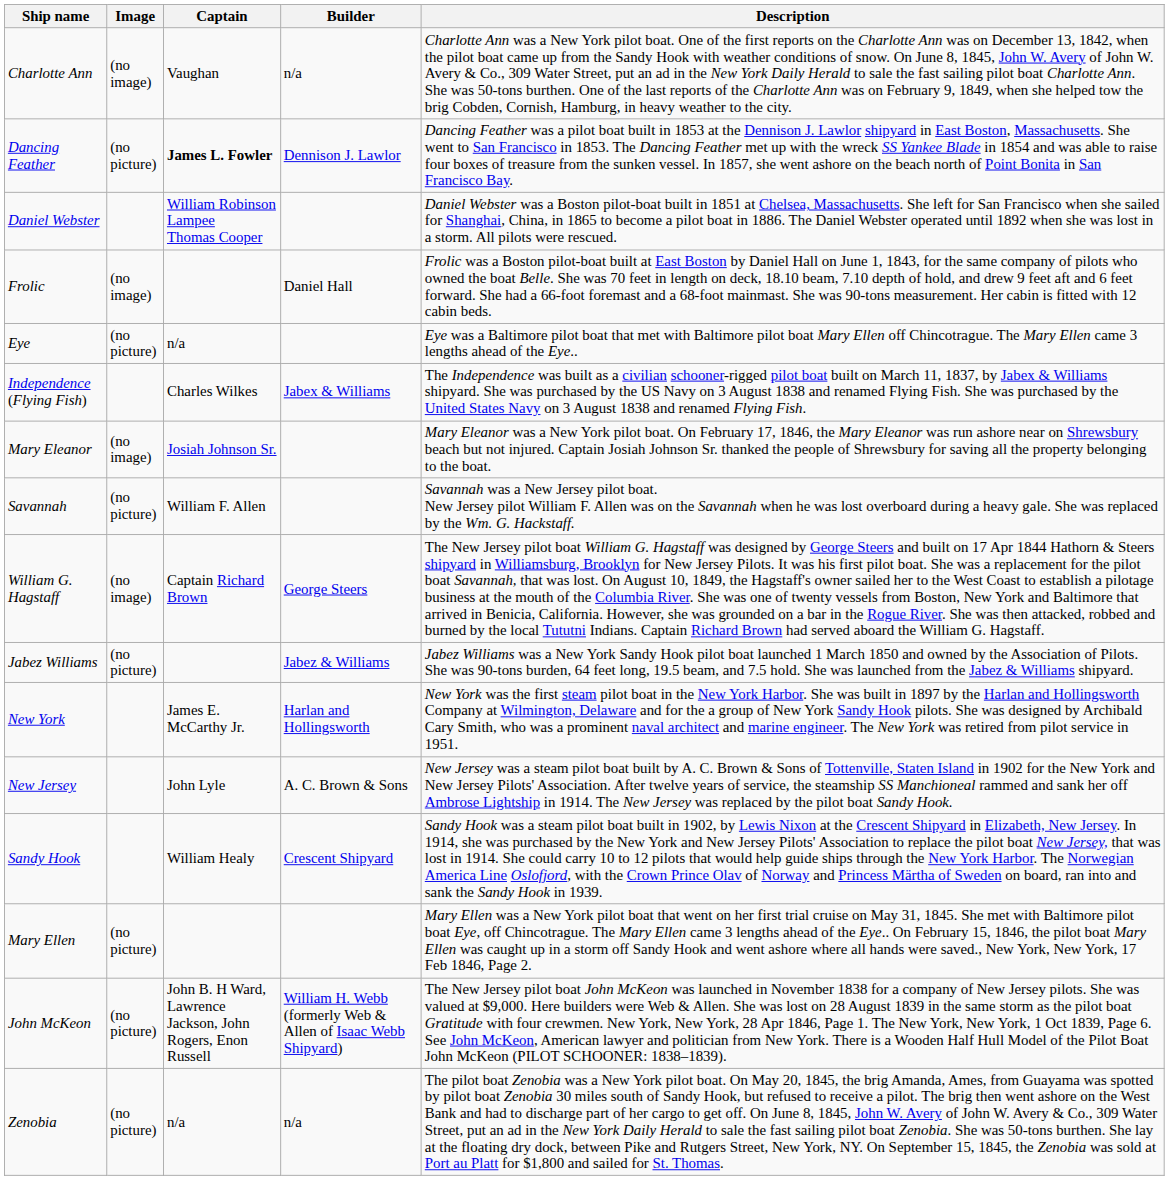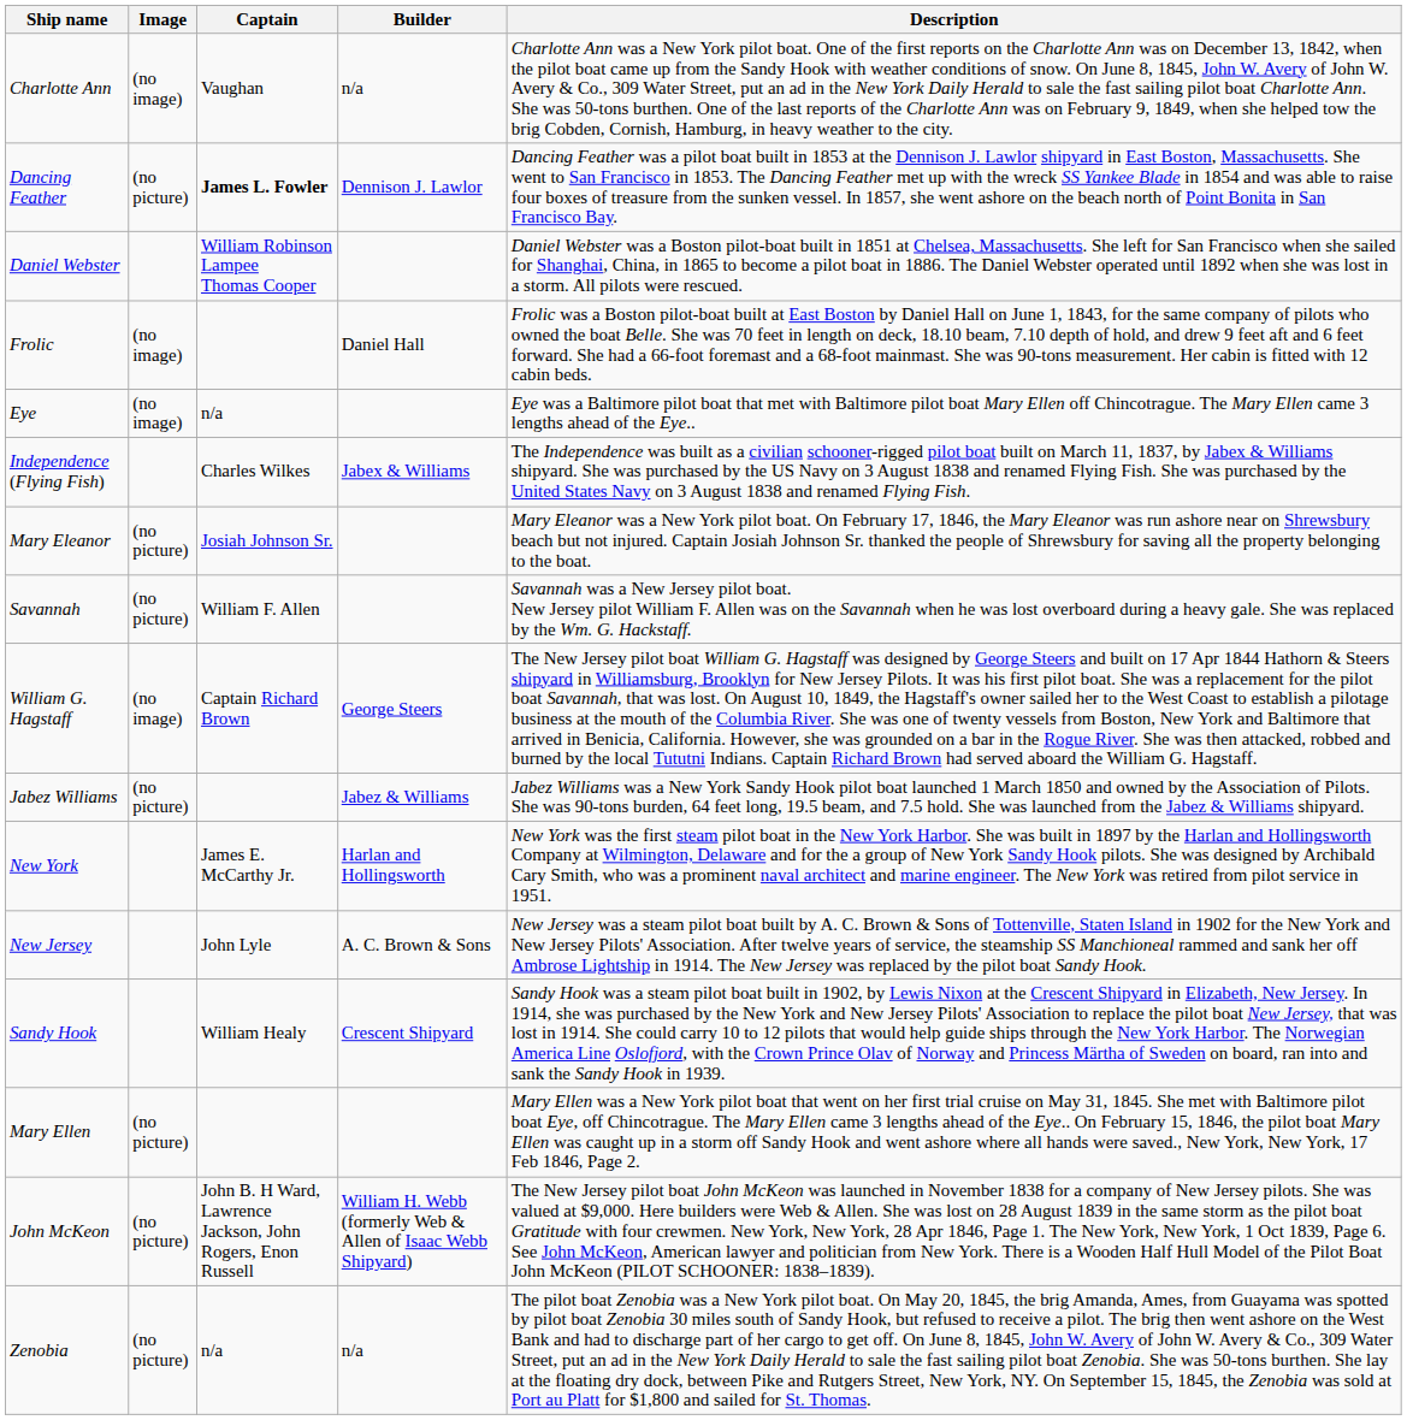 <table class="wikitable sortable">
 <tr>
 <th>Ship name</th>
 <th>Image</th>
 <th>Captain</th>
 <th>Builder</th>
 <th>Description</th>
 </tr>
 <tr>
 <td><em>Charlotte Ann</em></td>
 <td>(no image)</td>
 <td>Vaughan</td>
 <td>n/a</td>
 <td><em>Charlotte Ann</em> was a New York pilot boat. One of the first reports on the <em>Charlotte Ann</em> was on December 13, 1842, when the pilot boat came up from the Sandy Hook with weather conditions of snow. On June 8, 1845, <a href='#'>John W. Avery</a> of John W. Avery & Co., 309 Water Street, put an ad in the <em>New York Daily Herald</em> to sale the fast sailing pilot boat <em>Charlotte Ann</em>. She was 50-tons burthen. One of the last reports of the <em>Charlotte Ann</em> was on February 9, 1849, when she helped tow the brig Cobden, Cornish, Hamburg, in heavy weather to the city.</td>
 </tr>
 <tr>
 <td><em><a href='#'>Dancing Feather</a></em></td>
 <td>(no picture)</td>
 <td><strong>James L. Fowler</strong></td>
 <td><a href='#'>Dennison J. Lawlor</a></td>
 <td><em>Dancing Feather</em> was a pilot boat built in 1853 at the <a href='#'>Dennison J. Lawlor</a> <a href='#'>shipyard</a> in <a href='#'>East Boston</a>, <a href='#'>Massachusetts</a>. She went to <a href='#'>San Francisco</a> in 1853. The <em>Dancing Feather</em> met up with the wreck <em><a href='#'>SS Yankee Blade</a></em> in 1854 and was able to raise four boxes of treasure from the sunken vessel. In 1857, she went ashore on the beach north of <a href='#'>Point Bonita</a> in <a href='#'>San Francisco Bay</a>.</td>
 </tr>
 <tr>
 <td><a href='#'><em>Daniel Webster</em></a></td>
 <td></td>
 <td><a href='#'>William Robinson Lampee</a><br><a href='#'>Thomas Cooper</a></td>
 <td></td>
 <td><em>Daniel Webster</em> was a Boston pilot-boat built in 1851 at <a href='#'>Chelsea, Massachusetts</a>. She left for San Francisco when she sailed for <a href='#'>Shanghai</a>, China, in 1865 to become a pilot boat in 1886. The Daniel Webster operated until 1892 when she was lost in a storm. All pilots were rescued.</td>
 </tr>
 <tr>
 <td><em>Frolic</em></td>
 <td>(no image)</td>
 <td></td>
 <td>Daniel Hall</td>
 <td><em>Frolic</em> was a Boston pilot-boat built at <a href='#'>East Boston</a> by Daniel Hall on June 1, 1843, for the same company of pilots who owned the boat <em>Belle</em>. She was 70 feet in length on deck, 18.10 beam, 7.10 depth of hold, and drew 9 feet aft and 6 feet forward. She had a 66-foot foremast and a 68-foot mainmast. She was 90-tons measurement. Her cabin is fitted with 12 cabin beds.</td>
 </tr>
 <tr>
 <td><em>Eye</em></td>
-<td>(no picture)</td>
+<td>(no image)</td>
 <td>n/a</td>
 <td></td>
 <td><em>Eye</em> was a Baltimore pilot boat that met with Baltimore pilot boat <em>Mary Ellen</em> off Chincotrague. The <em>Mary Ellen</em> came 3 lengths ahead of the <em>Eye</em>..</td>
 </tr>
 <tr>
 <td><a href='#'><em>Independence</em></a> (<em>Flying Fish</em>)</td>
 <td></td>
 <td>Charles Wilkes</td>
 <td><a href='#'>Jabex & Williams</a></td>
 <td>The <em>Independence</em> was built as a <a href='#'>civilian</a> <a href='#'>schooner</a>-rigged <a href='#'>pilot boat</a> built on March 11, 1837, by <a href='#'>Jabex & Williams</a> shipyard. She was purchased by the US Navy on 3 August 1838 and renamed Flying Fish. She was purchased by the <a href='#'>United States Navy</a> on 3 August 1838 and renamed <em>Flying Fish</em>.</td>
 </tr>
 <tr>
 <td><em>Mary Eleanor</em></td>
-<td>(no image)</td>
+<td>(no picture)</td>
 <td><a href='#'>Josiah Johnson Sr.</a></td>
 <td></td>
 <td><em>Mary Eleanor</em> was a New York pilot boat. On February 17, 1846, the <em>Mary Eleanor</em> was run ashore near on <a href='#'>Shrewsbury</a> beach but not injured. Captain Josiah Johnson Sr. thanked the people of Shrewsbury for saving all the property belonging to the boat.</td>
 </tr>
 <tr>
 <td><em>Savannah</em></td>
 <td>(no picture)</td>
 <td>William F. Allen</td>
 <td></td>
 <td><em>Savannah</em> was a New Jersey pilot boat.<br>New Jersey pilot William F. Allen was on the <em>Savannah</em> when he was lost overboard during a heavy gale.  She was replaced by the <em>Wm. G. Hackstaff.</em></td>
 </tr>
 <tr>
 <td><em>William G. Hagstaff</em></td>
 <td>(no image)</td>
 <td>Captain <a href='#'>Richard Brown</a></td>
 <td><a href='#'>George Steers</a></td>
 <td>The New Jersey pilot boat <em>William G. Hagstaff</em> was designed by <a href='#'>George Steers</a> and built on 17 Apr 1844 Hathorn & Steers <a href='#'>shipyard</a> in <a href='#'>Williamsburg, Brooklyn</a> for New Jersey Pilots. It was his first pilot boat. She was a replacement for the pilot boat <em>Savannah,</em> that was lost. On August 10, 1849, the Hagstaff's owner sailed her to the West Coast to establish a pilotage business at the mouth of the <a href='#'>Columbia River</a>. She was one of twenty vessels from Boston, New York and Baltimore that arrived in Benicia, California. However, she was grounded on a bar in the <a href='#'>Rogue River</a>. She was then attacked, robbed and burned by the local <a href='#'>Tututni</a> Indians. Captain <a href='#'>Richard Brown</a> had served aboard the William G. Hagstaff.</td>
 </tr>
 <tr>
 <td><em>Jabez Williams</em></td>
 <td>(no picture)</td>
 <td></td>
 <td><a href='#'>Jabez & Williams</a></td>
 <td><em>Jabez Williams</em> was a New York Sandy Hook pilot boat launched 1 March 1850 and owned by the Association of Pilots. She was 90-tons burden, 64 feet long, 19.5 beam, and 7.5 hold. She was launched from the <a href='#'>Jabez & Williams</a> shipyard. </td>
 </tr>
 <tr>
 <td><a href='#'><em>New York</em></a></td>
 <td></td>
 <td>James E. McCarthy Jr.</td>
 <td><a href='#'>Harlan and Hollingsworth</a></td>
 <td><em>New York</em> was the first <a href='#'>steam</a> pilot boat in the <a href='#'>New York Harbor</a>. She was built in 1897 by the <a href='#'>Harlan and Hollingsworth</a> Company at <a href='#'>Wilmington, Delaware</a> and for the a group of New York <a href='#'>Sandy Hook</a> pilots. She was designed by Archibald Cary Smith, who was a prominent <a href='#'>naval architect</a> and <a href='#'>marine engineer</a>. The <em>New York</em>  was retired from pilot service in 1951.</td>
 </tr>
 <tr>
 <td><a href='#'><em>New Jersey</em></a></td>
 <td></td>
 <td>John Lyle</td>
 <td>A. C. Brown & Sons</td>
 <td><em>New Jersey</em> was a steam pilot boat built by A. C. Brown & Sons of <a href='#'>Tottenville, Staten Island</a> in 1902 for the New York and New Jersey Pilots' Association. After twelve years of service, the steamship <em>SS Manchioneal</em> rammed and sank her off <a href='#'>Ambrose Lightship</a> in 1914. The <em>New Jersey</em> was replaced by the pilot boat <em>Sandy Hook.</em></td>
 </tr>
 <tr>
 <td><a href='#'><em>Sandy Hook</em></a></td>
 <td></td>
 <td>William Healy</td>
 <td><a href='#'>Crescent Shipyard</a></td>
 <td><em>Sandy Hook</em> was a steam pilot boat built in 1902, by <a href='#'>Lewis Nixon</a> at the <a href='#'>Crescent Shipyard</a> in <a href='#'>Elizabeth, New Jersey</a>. In 1914, she was purchased by the New York and New Jersey Pilots' Association to replace the pilot boat <a href='#'><em>New Jersey,</em></a> that was lost in 1914. She could carry 10 to 12 pilots that would help guide ships through the <a href='#'>New York Harbor</a>. The <a href='#'>Norwegian America Line</a> <a href='#'><em>Oslofjord</em></a>, with the <a href='#'>Crown Prince Olav</a> of <a href='#'>Norway</a> and <a href='#'>Princess Märtha of Sweden</a> on board, ran into and sank the  <em>Sandy Hook</em> in 1939.</td>
 </tr>
 <tr>
 <td><em>Mary Ellen</em></td>
 <td>(no picture)</td>
 <td></td>
 <td></td>
 <td><em>Mary Ellen</em> was a New York pilot boat that went on her first trial cruise on May 31, 1845. She met with Baltimore pilot boat <em>Eye</em>, off Chincotrague. The <em>Mary Ellen</em> came 3 lengths ahead of the <em>Eye</em>.. On February 15, 1846, the pilot boat <em>Mary Ellen</em> was caught up in a storm off Sandy Hook and went ashore where all hands were saved., New York, New York, 17 Feb 1846, Page 2.</td>
 </tr>
 <tr>
 <td><em>John McKeon</em></td>
 <td>(no picture)</td>
 <td>John B. H Ward, Lawrence Jackson, John Rogers, Enon Russell</td>
 <td><a href='#'>William H. Webb</a> (formerly Web & Allen of <a href='#'>Isaac Webb Shipyard</a>)</td>
 <td>The New Jersey pilot boat <em>John McKeon</em> was launched in November 1838 for a company of New Jersey pilots. She was valued at $9,000. Here builders were Web & Allen. She was lost on 28 August 1839 in the same storm as the pilot boat <em>Gratitude</em> with four crewmen. New York, New York, 28 Apr 1846, Page 1. The  New York, New York, 1 Oct 1839, Page 6. See <a href='#'>John McKeon</a>, American lawyer and politician from New York. There is a Wooden Half Hull Model of the Pilot Boat John McKeon  (PILOT SCHOONER: 1838–1839).</td>
 </tr>
 <tr>
 <td><em>Zenobia</em></td>
 <td>(no picture)</td>
 <td>n/a</td>
 <td>n/a</td>
 <td>The pilot boat <em>Zenobia</em> was a New York pilot boat. On May 20, 1845, the brig Amanda, Ames, from Guayama was spotted by pilot boat <em>Zenobia</em> 30 miles south of Sandy Hook, but refused to receive a pilot. The brig then went ashore on the West Bank and had to discharge part of her cargo to get off. On June 8, 1845, <a href='#'>John W. Avery</a> of John W. Avery & Co., 309 Water Street, put an ad in the <em>New York Daily Herald</em> to sale the fast sailing pilot boat <em>Zenobia</em>. She was 50-tons burthen. She lay at the floating dry dock, between Pike and Rutgers Street, New York, NY. On September 15, 1845, the <em>Zenobia</em> was sold at <a href='#'>Port au Platt</a> for $1,800 and sailed for <a href='#'>St. Thomas</a>.</td>
 </tr>
 </table>
